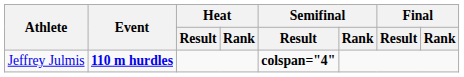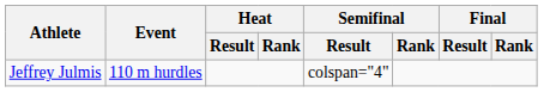 <table class="wikitable" style="font-size:90%">
 <tr>
 <th rowspan="2">Athlete</th>
 <th rowspan="2">Event</th>
 <th colspan="2">Heat</th>
 <th colspan="2">Semifinal</th>
 <th colspan="2">Final</th>
 </tr>
 <tr>
 <th>Result</th>
 <th>Rank</th>
 <th>Result</th>
 <th>Rank</th>
 <th>Result</th>
 <th>Rank</th>
 </tr>
 <tr style=text-align:center>
 <td style=text-align:left><a href='#'>Jeffrey Julmis</a></td>
-<td style=text-align:left><strong><a href='#'>110 m hurdles</a></strong></td>
+<td style=text-align:left><a href='#'>110 m hurdles</a></td>
 <td colspan="2"></td>
-<td><strong>colspan="4" </strong></td>
+<td>colspan="4" </td>
 </tr>
 </table>
